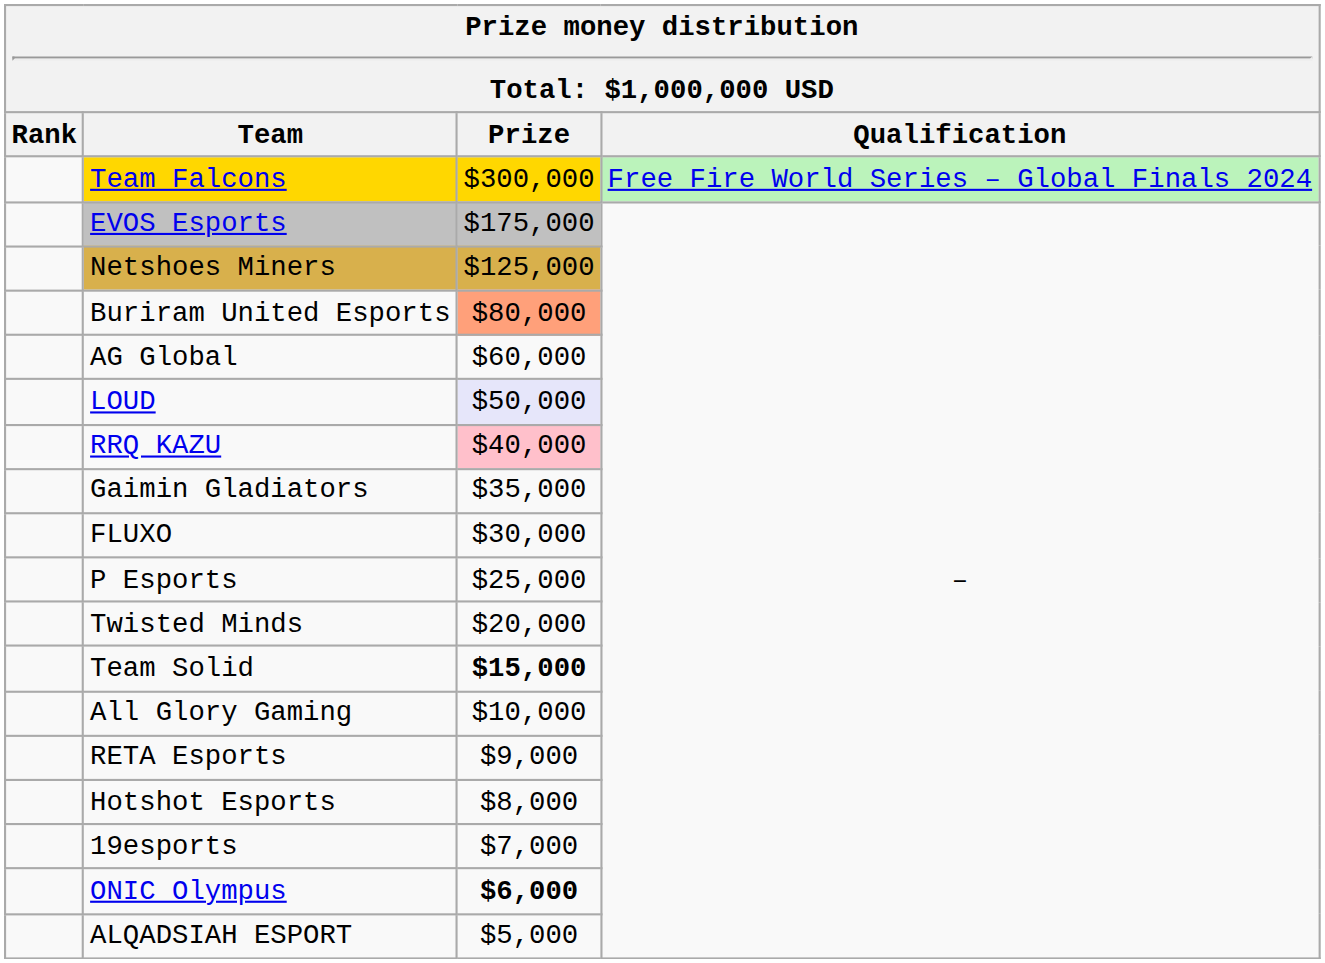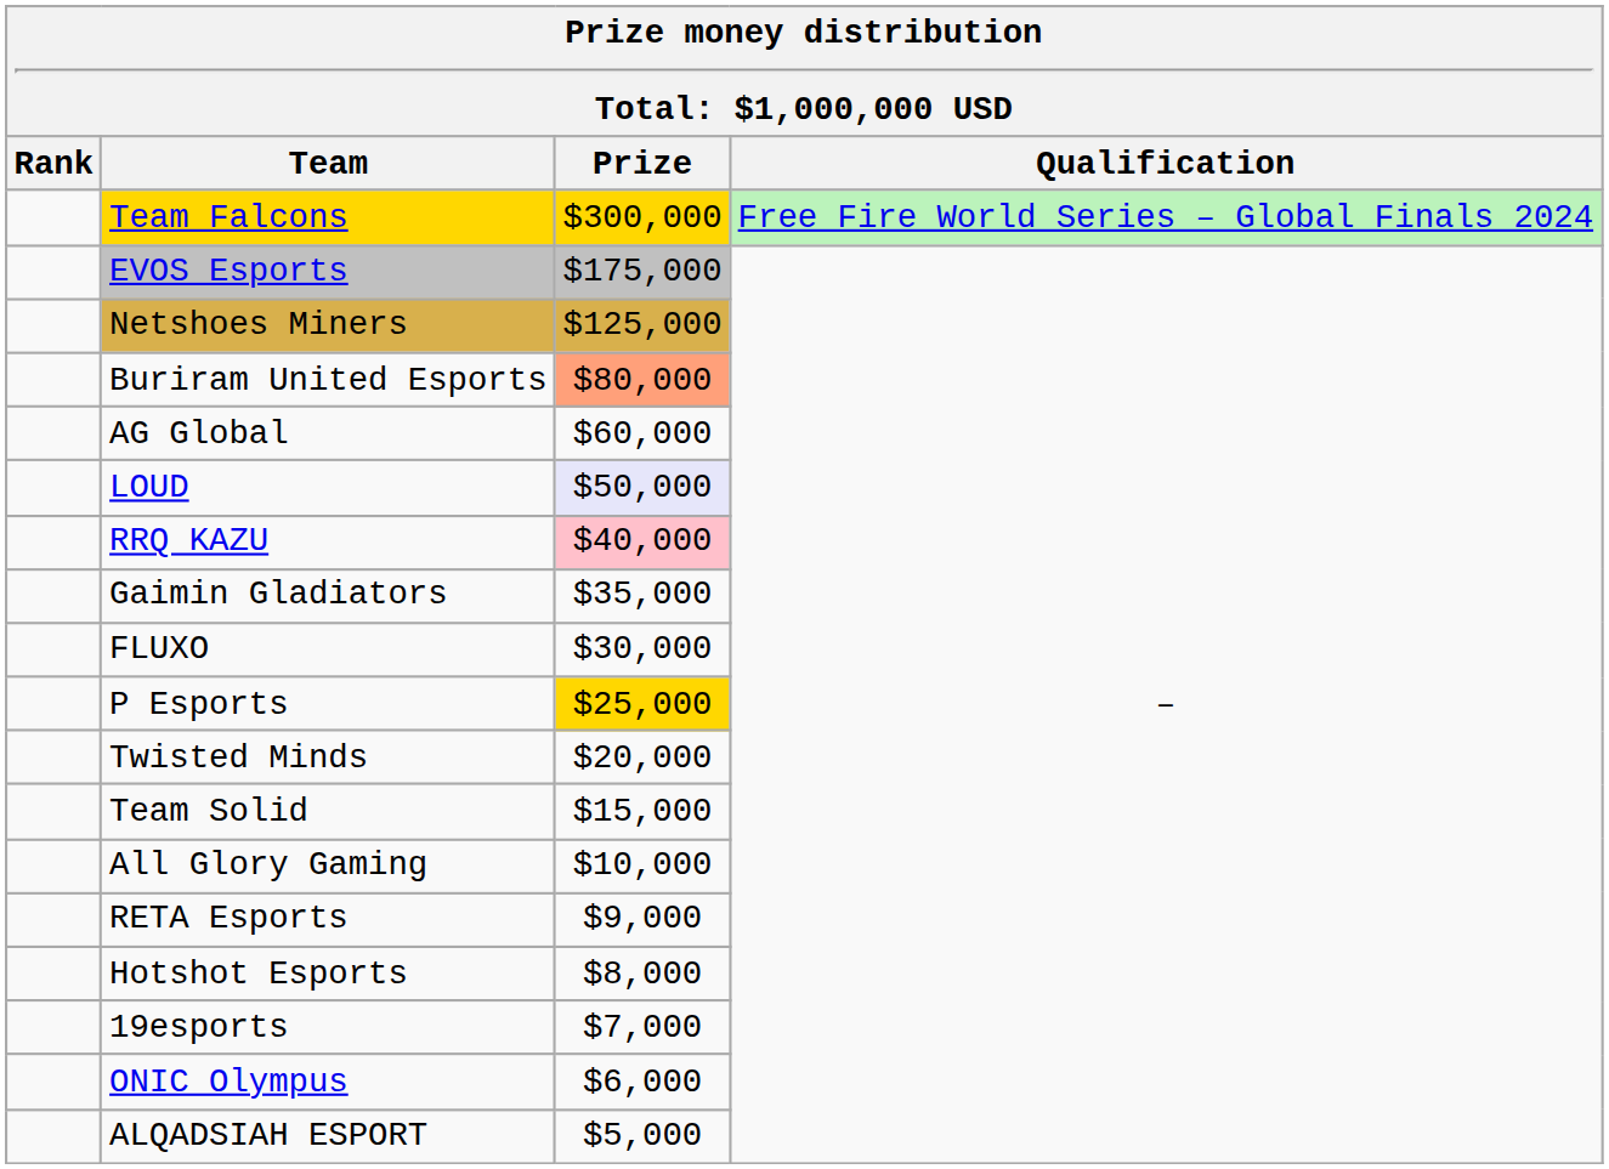 <table class="wikitable" style="text-align:center">
 <tr>
 <th colspan=4>Prize money distribution <hr> Total: $1,000,000 USD</th>
 </tr>
 <tr>
 <th>Rank</th>
 <th>Team</th>
 <th>Prize </th>
 <th>Qualification</th>
 </tr>
 <tr>
 <td></td>
 <td align=left style="background:gold"> <a href='#'>Team Falcons</a></td>
 <td style="background:gold">$300,000</td>
 <td style="background:#BBF3BB"><a href='#'>Free Fire World Series – Global Finals 2024</a></td>
 </tr>
 <tr>
 <td></td>
 <td align=left style="background:silver"> <a href='#'>EVOS Esports</a></td>
 <td style="background:silver">$175,000</td>
 <td rowspan="17">–</td>
 </tr>
 <tr>
 <td></td>
 <td align=left style="background:#D8B04C"> Netshoes Miners</td>
 <td style="background:#D8B04C">$125,000</td>
 </tr>
 <tr>
 <td></td>
 <td align=left> Buriram United Esports</td>
 <td style="background: lightsalmon;">$80,000</td>
 </tr>
 <tr>
 <td></td>
 <td align=left> AG Global</td>
 <td>$60,000</td>
 </tr>
 <tr>
 <td></td>
 <td align=left> <a href='#'>LOUD</a></td>
 <td style="background: lavender;">$50,000</td>
 </tr>
 <tr>
 <td></td>
 <td align=left> <a href='#'>RRQ KAZU</a></td>
 <td style="background: pink;">$40,000</td>
 </tr>
 <tr>
 <td></td>
 <td align=left> Gaimin Gladiators</td>
 <td>$35,000</td>
 </tr>
 <tr>
 <td></td>
 <td align=left> FLUXO</td>
 <td>$30,000</td>
 </tr>
 <tr>
 <td></td>
 <td align=left> P Esports</td>
-<td>$25,000</td>
+<td style="background: gold;">$25,000</td>
 </tr>
 <tr>
 <td></td>
 <td align=left> Twisted Minds</td>
 <td>$20,000</td>
 </tr>
 <tr>
 <td></td>
 <td align=left> Team Solid</td>
-<td><strong>$15,000</strong></td>
+<td>$15,000</td>
 </tr>
 <tr>
 <td></td>
 <td align=left> All Glory Gaming</td>
 <td>$10,000</td>
 </tr>
 <tr>
 <td></td>
 <td align=left> RETA Esports</td>
 <td>$9,000</td>
 </tr>
 <tr>
 <td></td>
 <td align=left> Hotshot Esports</td>
 <td>$8,000</td>
 </tr>
 <tr>
 <td></td>
 <td align=left> 19esports</td>
 <td>$7,000</td>
 </tr>
 <tr>
 <td></td>
 <td align=left> <a href='#'>ONIC Olympus</a></td>
-<td><strong>$6,000</strong></td>
+<td>$6,000</td>
 </tr>
 <tr>
 <td></td>
 <td align=left> ALQADSIAH ESPORT</td>
 <td>$5,000</td>
 </tr>
 </table>
